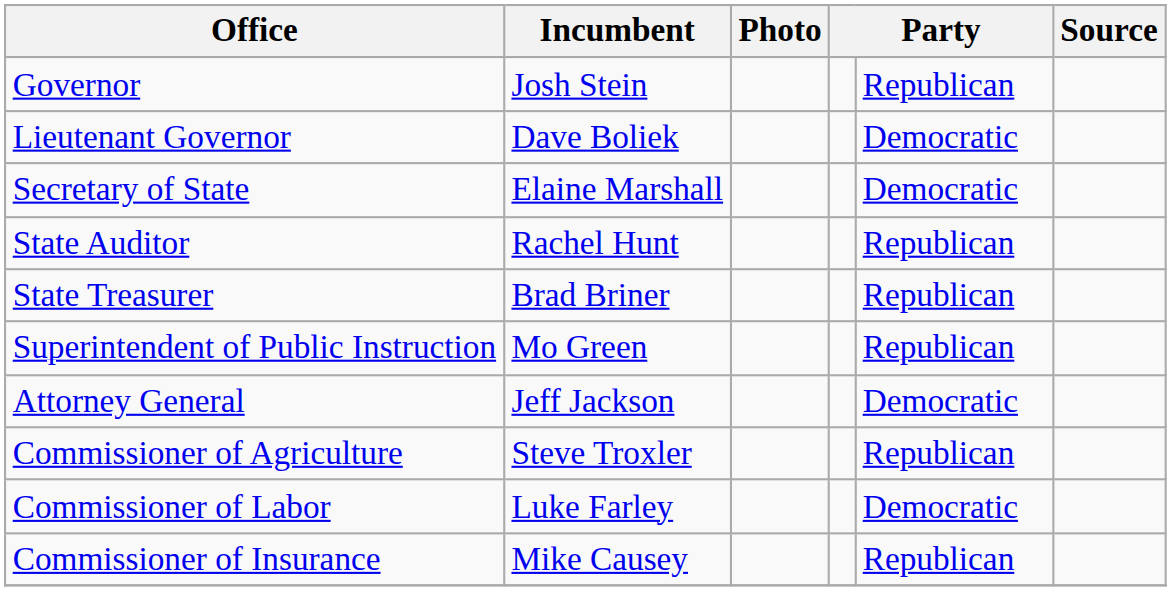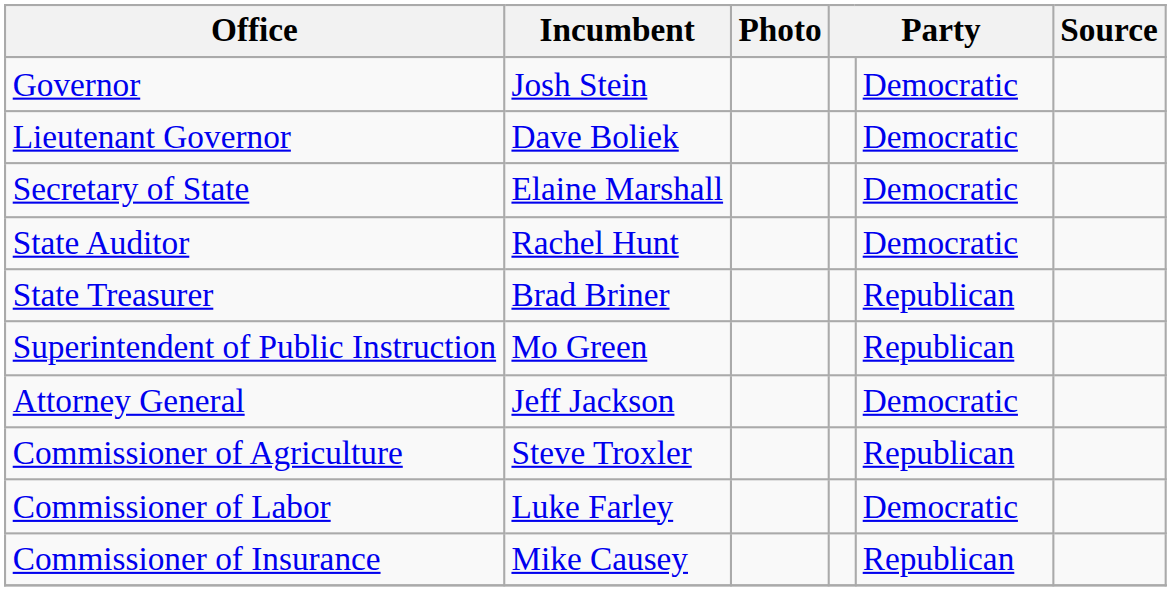 <table class="wikitable sortable">
 <tr>
 <th>Office</th>
 <th>Incumbent</th>
 <th>Photo</th>
 <th width=100px colspan=2>Party</th>
 <th>Source</th>
 </tr>
 <tr>
 <td><a href='#'>Governor</a></td>
 <td data-sort-value="Stein, Josh"><a href='#'>Josh Stein</a></td>
 <td></td>
 <td width=5px style="background-color: "></td>
-<td><a href='#'>Republican</a></td>
+<td><a href='#'>Democratic</a></td>
 <td></td>
 </tr>
 <tr>
 <td><a href='#'>Lieutenant Governor</a></td>
 <td data-sort-value="Boliek, Dave"><a href='#'>Dave Boliek</a></td>
 <td></td>
 <td width=5px style="background-color: "></td>
 <td><a href='#'>Democratic</a></td>
 <td></td>
 </tr>
 <tr>
 <td><a href='#'>Secretary of State</a></td>
 <td data-sort-value="Marshall, Elaine"><a href='#'>Elaine Marshall</a></td>
 <td></td>
 <td with=5px style="background-color: "></td>
 <td><a href='#'>Democratic</a></td>
 <td></td>
 </tr>
 <tr>
 <td><a href='#'>State Auditor</a></td>
 <td data-sort-value="Hunt, Rachel"><a href='#'>Rachel Hunt</a></td>
 <td></td>
 <td with=5px style="background-color: "></td>
-<td><a href='#'>Republican</a></td>
+<td><a href='#'>Democratic</a></td>
 <td></td>
 </tr>
 <tr>
 <td><a href='#'>State Treasurer</a></td>
 <td data-sort-value="Briner, Brad"><a href='#'>Brad Briner</a></td>
 <td></td>
 <td with=5px style="background-color: "></td>
 <td><a href='#'>Republican</a></td>
 <td></td>
 </tr>
 <tr>
 <td><a href='#'>Superintendent of Public Instruction</a></td>
 <td data-sort-value="Green, Mo"><a href='#'>Mo Green</a></td>
 <td></td>
 <td with=5px style="background-color: "></td>
 <td><a href='#'>Republican</a></td>
 <td></td>
 </tr>
 <tr>
 <td><a href='#'>Attorney General</a></td>
 <td data-sort-value="Jackson, Jeff"><a href='#'>Jeff Jackson</a></td>
 <td></td>
 <td with=5px style="background-color: "></td>
 <td><a href='#'>Democratic</a></td>
 <td></td>
 </tr>
 <tr>
 <td><a href='#'>Commissioner of Agriculture</a></td>
 <td data-sort-value="Troxler, Steve"><a href='#'>Steve Troxler</a></td>
 <td></td>
 <td with=5px style="background-color: "></td>
 <td><a href='#'>Republican</a></td>
 <td></td>
 </tr>
 <tr>
 <td><a href='#'>Commissioner of Labor</a></td>
 <td data-sort-value="Farley, L"><a href='#'>Luke Farley</a></td>
 <td></td>
 <td with=5px style="background-color: "></td>
 <td><a href='#'>Democratic</a></td>
 <td></td>
 </tr>
 <tr>
 <td><a href='#'>Commissioner of Insurance</a></td>
 <td data-sort-value="Causey, Mike"><a href='#'>Mike Causey</a></td>
 <td></td>
 <td with=5px style="background-color: "></td>
 <td><a href='#'>Republican</a></td>
 <td></td>
 </tr>
 <tr>
 </tr>
 </table>
